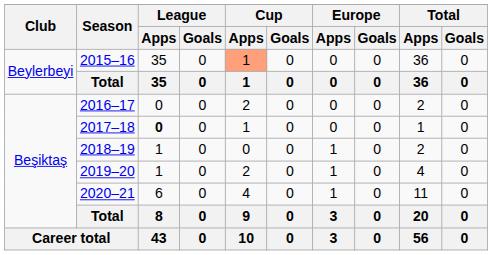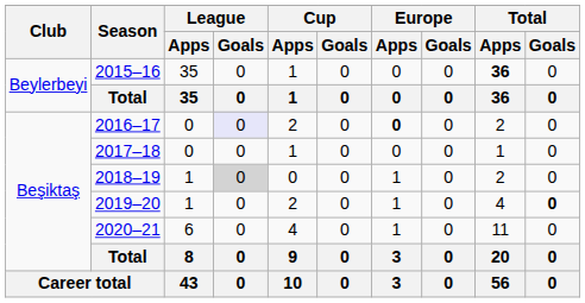 <table class="wikitable" style="text-align: center;">
 <tr>
 </tr>
 <tr>
 <th rowspan="2">Club</th>
 <th rowspan="2">Season</th>
 <th colspan="2">League</th>
 <th colspan="2">Cup</th>
 <th colspan="2">Europe</th>
 <th colspan="3">Total</th>
 </tr>
 <tr>
 <th>Apps</th>
 <th>Goals</th>
 <th>Apps</th>
 <th>Goals</th>
 <th>Apps</th>
 <th>Goals</th>
 <th>Apps</th>
 <th>Goals</th>
 </tr>
 <tr>
 <td rowspan="2" valign="center"><a href='#'>Beylerbeyi</a></td>
 <td><a href='#'>2015–16</a></td>
 <td>35</td>
 <td>0</td>
-<td style="background: lightsalmon;">1</td>
+<td>1</td>
 <td>0</td>
 <td>0</td>
 <td>0</td>
-<td>36</td>
+<td><strong>36</strong></td>
 <td>0</td>
 </tr>
 <tr>
 <th>Total</th>
 <th>35</th>
 <th>0</th>
 <th>1</th>
 <th>0</th>
 <th>0</th>
 <th>0</th>
 <th>36</th>
 <th>0</th>
 </tr>
 <tr>
 <td rowspan="6" valign="center"><a href='#'>Beşiktaş</a></td>
 <td><a href='#'>2016–17</a></td>
 <td>0</td>
-<td>0</td>
+<td style="background: lavender;">0</td>
 <td>2</td>
 <td>0</td>
-<td>0</td>
+<td><strong>0</strong></td>
 <td>0</td>
 <td>2</td>
 <td>0</td>
 </tr>
 <tr>
 <td><a href='#'>2017–18</a></td>
-<td><strong>0</strong></td>
+<td>0</td>
 <td>0</td>
 <td>1</td>
 <td>0</td>
 <td>0</td>
 <td>0</td>
 <td>1</td>
 <td>0</td>
 </tr>
 <tr>
 <td><a href='#'>2018–19</a></td>
 <td>1</td>
-<td>0</td>
+<td style="background: lightgrey;">0</td>
 <td>0</td>
 <td>0</td>
 <td>1</td>
 <td>0</td>
 <td>2</td>
 <td>0</td>
 </tr>
 <tr>
 <td><a href='#'>2019–20</a></td>
 <td>1</td>
 <td>0</td>
 <td>2</td>
 <td>0</td>
 <td>1</td>
 <td>0</td>
 <td>4</td>
-<td>0</td>
+<td><strong>0</strong></td>
 </tr>
 <tr>
 <td><a href='#'>2020–21</a></td>
 <td>6</td>
 <td>0</td>
 <td>4</td>
 <td>0</td>
 <td>1</td>
 <td>0</td>
 <td>11</td>
 <td>0</td>
 </tr>
 <tr>
 <th>Total</th>
 <th>8</th>
 <th>0</th>
 <th>9</th>
 <th>0</th>
 <th>3</th>
 <th>0</th>
 <th>20</th>
 <th>0</th>
 </tr>
 <tr>
 <th colspan=2>Career total</th>
 <th>43</th>
 <th>0</th>
 <th>10</th>
 <th>0</th>
 <th>3</th>
 <th>0</th>
 <th>56</th>
 <th>0</th>
 </tr>
 </table>
